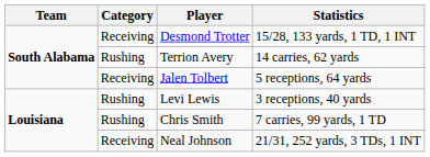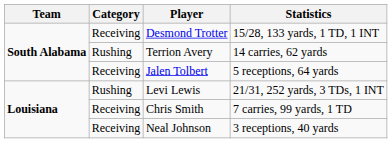 <table class="wikitable" style="float: left;">
 <tr>
 <th>Team</th>
 <th>Category</th>
 <th>Player</th>
 <th>Statistics</th>
 </tr>
 <tr>
 <td rowspan=3><strong>South Alabama</strong></td>
 <td>Receiving</td>
 <td><a href='#'>Desmond Trotter</a></td>
 <td>15/28, 133 yards, 1 TD, 1 INT</td>
 </tr>
 <tr>
 <td>Rushing</td>
 <td>Terrion Avery</td>
 <td>14 carries, 62 yards</td>
 </tr>
 <tr>
 <td>Receiving</td>
 <td><a href='#'>Jalen Tolbert</a></td>
 <td>5 receptions, 64 yards</td>
 </tr>
 <tr>
 <td rowspan=3><strong>Louisiana</strong></td>
 <td>Rushing</td>
 <td>Levi Lewis</td>
-<td>3 receptions, 40 yards</td>
+<td>21/31, 252 yards, 3 TDs, 1 INT</td>
 </tr>
 <tr>
-<td>Rushing</td>
+<td>Receiving</td>
 <td>Chris Smith</td>
 <td>7 carries, 99 yards, 1 TD</td>
 </tr>
 <tr>
 <td>Receiving</td>
 <td>Neal Johnson</td>
-<td>21/31, 252 yards, 3 TDs, 1 INT</td>
+<td>3 receptions, 40 yards</td>
 </tr>
 </table>
